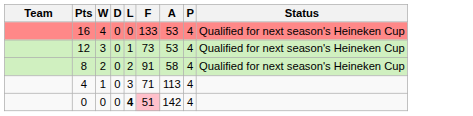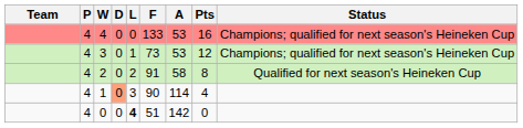 <table class="wikitable" style="text-align:center;">
 <tr>
 <th width="90px">Team</th>
-<th width="23px">Pts</th>
+<th>P</th>
 <th>W</th>
 <th>D</th>
 <th>L</th>
 <th width="23px">F</th>
 <th width="23px">A</th>
-<th>P</th>
+<th width="23px">Pts</th>
 <th>Status</th>
 </tr>
 <tr bgcolor="#FF8888">
 <td></td>
-<td>16</td>
+<td>4</td>
 <td>4</td>
 <td>0</td>
 <td>0</td>
 <td>133</td>
 <td>53</td>
-<td>4</td>
-<td>Qualified for next season's Heineken Cup</td>
+<td>16</td>
+<td>Champions; qualified for next season's Heineken Cup</td>
 </tr>
 <tr bgcolor="#D0F0C0">
 <td></td>
-<td>12</td>
+<td>4</td>
 <td>3</td>
 <td>0</td>
 <td>1</td>
 <td>73</td>
 <td>53</td>
-<td>4</td>
-<td>Qualified for next season's Heineken Cup</td>
+<td>12</td>
+<td>Champions; qualified for next season's Heineken Cup</td>
 </tr>
 <tr bgcolor="#D0F0C0">
 <td></td>
-<td>8</td>
+<td>4</td>
 <td>2</td>
 <td>0</td>
 <td>2</td>
 <td>91</td>
 <td>58</td>
-<td>4</td>
+<td>8</td>
 <td>Qualified for next season's Heineken Cup</td>
 </tr>
 <tr>
 <td></td>
 <td>4</td>
 <td>1</td>
-<td>0</td>
+<td style="background: lightsalmon;">0</td>
 <td>3</td>
-<td>71</td>
-<td>113</td>
+<td>90</td>
+<td>114</td>
 <td>4</td>
 <td></td>
 </tr>
 <tr>
 <td></td>
-<td>0</td>
+<td>4</td>
 <td>0</td>
 <td>0</td>
 <td><strong>4</strong></td>
-<td style="background: pink;">51</td>
+<td>51</td>
 <td>142</td>
-<td>4</td>
+<td>0</td>
 <td></td>
 </tr>
 </table>
